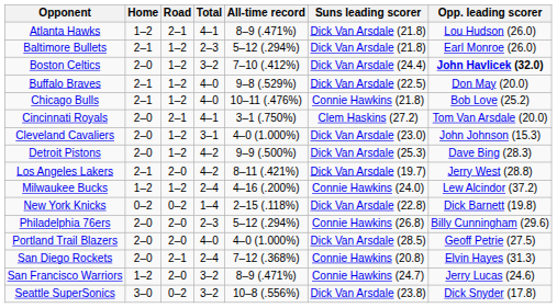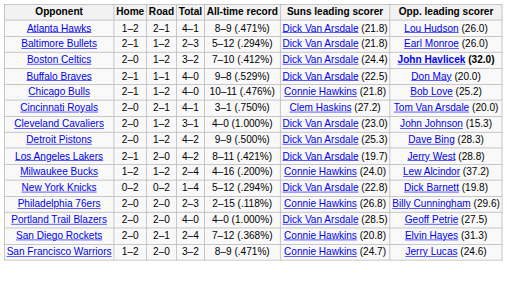 <table class="wikitable">
 <tr>
 <th>Opponent</th>
 <th>Home</th>
 <th>Road</th>
 <th>Total</th>
 <th>All-time record</th>
 <th>Suns leading scorer</th>
 <th>Opp. leading scorer</th>
 </tr>
 <tr style="text-align: center">
 <td><a href='#'>Atlanta Hawks</a></td>
 <td>1–2</td>
 <td>2–1</td>
 <td>4–1</td>
 <td>8–9 (.471%)</td>
 <td><a href='#'>Dick Van Arsdale</a> (21.8)</td>
 <td><a href='#'>Lou Hudson</a> (26.0)</td>
 </tr>
 <tr style="text-align: center">
 <td><a href='#'>Baltimore Bullets</a></td>
 <td>2–1</td>
 <td>1–2</td>
 <td>2–3</td>
 <td>5–12 (.294%)</td>
 <td><a href='#'>Dick Van Arsdale</a> (21.8)</td>
 <td><a href='#'>Earl Monroe</a> (26.0)</td>
 </tr>
 <tr style="text-align: center">
 <td><a href='#'>Boston Celtics</a></td>
 <td>2–0</td>
 <td>1–2</td>
 <td>3–2</td>
 <td>7–10 (.412%)</td>
 <td><a href='#'>Dick Van Arsdale</a> (24.4)</td>
 <td><strong><a href='#'>John Havlicek</a> (32.0)</strong></td>
 </tr>
 <tr style="text-align: center">
 <td><a href='#'>Buffalo Braves</a></td>
 <td>2–1</td>
-<td>1–2</td>
+<td>1–1</td>
 <td>4–0</td>
 <td>9–8 (.529%)</td>
 <td><a href='#'>Dick Van Arsdale</a> (22.5)</td>
 <td><a href='#'>Don May</a> (20.0)</td>
 </tr>
 <tr style="text-align: center">
 <td><a href='#'>Chicago Bulls</a></td>
 <td>2–1</td>
 <td>1–2</td>
 <td>4–0</td>
 <td>10–11 (.476%)</td>
 <td><a href='#'>Connie Hawkins</a> (21.8)</td>
 <td><a href='#'>Bob Love</a> (25.2)</td>
 </tr>
 <tr style="text-align: center">
 <td><a href='#'>Cincinnati Royals</a></td>
 <td>2–0</td>
 <td>2–1</td>
 <td>4–1</td>
 <td>3–1 (.750%)</td>
 <td><a href='#'>Clem Haskins</a> (27.2)</td>
 <td><a href='#'>Tom Van Arsdale</a> (20.0)</td>
 </tr>
 <tr style="text-align: center">
 <td><a href='#'>Cleveland Cavaliers</a></td>
 <td>2–0</td>
 <td>1–2</td>
 <td>3–1</td>
 <td>4–0 (1.000%)</td>
 <td><a href='#'>Dick Van Arsdale</a> (23.0)</td>
 <td><a href='#'>John Johnson</a> (15.3)</td>
 </tr>
 <tr style="text-align: center">
 <td><a href='#'>Detroit Pistons</a></td>
 <td>2–0</td>
 <td>1–2</td>
 <td>4–2</td>
 <td>9–9 (.500%)</td>
 <td><a href='#'>Dick Van Arsdale</a> (25.3)</td>
 <td><a href='#'>Dave Bing</a> (28.3)</td>
 </tr>
 <tr style="text-align: center">
 <td><a href='#'>Los Angeles Lakers</a></td>
 <td>2–1</td>
 <td>2–0</td>
 <td>4–2</td>
 <td>8–11 (.421%)</td>
 <td><a href='#'>Dick Van Arsdale</a> (19.7)</td>
 <td><a href='#'>Jerry West</a> (28.8)</td>
 </tr>
 <tr style="text-align: center">
 <td><a href='#'>Milwaukee Bucks</a></td>
 <td>1–2</td>
 <td>1–2</td>
 <td>2–4</td>
 <td>4–16 (.200%)</td>
 <td><a href='#'>Connie Hawkins</a> (24.0)</td>
 <td><a href='#'>Lew Alcindor</a> (37.2)</td>
 </tr>
 <tr style="text-align: center">
 <td><a href='#'>New York Knicks</a></td>
 <td>0–2</td>
 <td>0–2</td>
 <td>1–4</td>
-<td>2–15 (.118%)</td>
+<td>5–12 (.294%)</td>
 <td><a href='#'>Dick Van Arsdale</a> (22.8)</td>
 <td><a href='#'>Dick Barnett</a> (19.8)</td>
 </tr>
 <tr style="text-align: center">
 <td><a href='#'>Philadelphia 76ers</a></td>
 <td>2–0</td>
 <td>2–0</td>
 <td>2–3</td>
-<td>5–12 (.294%)</td>
+<td>2–15 (.118%)</td>
 <td><a href='#'>Connie Hawkins</a> (26.8)</td>
 <td><a href='#'>Billy Cunningham</a> (29.6)</td>
 </tr>
 <tr style="text-align: center">
 <td><a href='#'>Portland Trail Blazers</a></td>
 <td>2–0</td>
 <td>2–0</td>
 <td>4–0</td>
 <td>4–0 (1.000%)</td>
 <td><a href='#'>Dick Van Arsdale</a> (28.5)</td>
 <td><a href='#'>Geoff Petrie</a> (27.5)</td>
 </tr>
 <tr style="text-align: center">
 <td><a href='#'>San Diego Rockets</a></td>
 <td>2–0</td>
 <td>2–1</td>
 <td>2–4</td>
 <td>7–12 (.368%)</td>
 <td><a href='#'>Connie Hawkins</a> (20.8)</td>
 <td><a href='#'>Elvin Hayes</a> (31.3)</td>
 </tr>
 <tr style="text-align: center">
 <td><a href='#'>San Francisco Warriors</a></td>
 <td>1–2</td>
 <td>2–0</td>
 <td>3–2</td>
 <td>8–9 (.471%)</td>
 <td><a href='#'>Connie Hawkins</a> (24.7)</td>
 <td><a href='#'>Jerry Lucas</a> (24.6)</td>
 </tr>
-<tr style="text-align: center">
-<td><a href='#'>Seattle SuperSonics</a></td>
-<td>3–0</td>
-<td>0–2</td>
-<td>3–2</td>
-<td>10–8 (.556%)</td>
-<td><a href='#'>Dick Van Arsdale</a> (23.8)</td>
-<td><a href='#'>Dick Snyder</a> (17.8)</td>
-</tr>
 </table>
